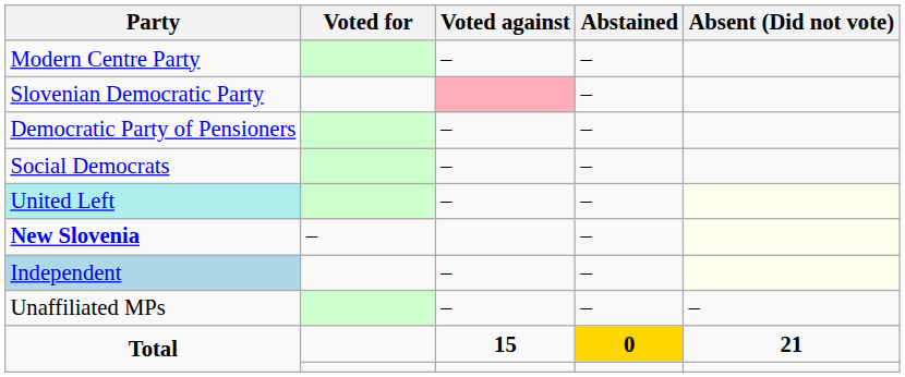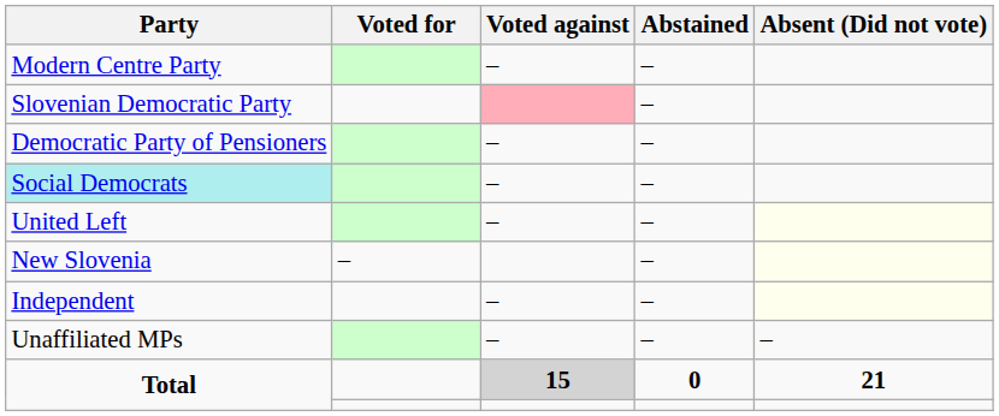 <table class="wikitable">
 <tr>
 <th>Party</th>
 <th style="width:15%;">Voted for</th>
 <th>Voted against</th>
 <th>Abstained</th>
 <th>Absent (Did not vote)</th>
 </tr>
 <tr>
 <td> <a href='#'>Modern Centre Party</a></td>
 <td style="background-color:#CCFFCC;"></td>
 <td>–</td>
 <td>–</td>
 <td></td>
 </tr>
 <tr>
 <td> <a href='#'>Slovenian Democratic Party</a></td>
 <td></td>
 <td style="background-color:#FFAEB9;"></td>
 <td>–</td>
 <td></td>
 </tr>
 <tr>
 <td> <a href='#'>Democratic Party of Pensioners</a></td>
 <td style="background-color:#CCFFCC;"></td>
 <td>–</td>
 <td>–</td>
 <td></td>
 </tr>
 <tr>
-<td> <a href='#'>Social Democrats</a></td>
+<td style="background: paleturquoise;"> <a href='#'>Social Democrats</a></td>
 <td style="background-color:#CCFFCC;"></td>
 <td>–</td>
 <td>–</td>
 <td></td>
 </tr>
 <tr>
-<td style="background: paleturquoise;"> <a href='#'>United Left</a></td>
+<td> <a href='#'>United Left</a></td>
 <td style="background-color:#CCFFCC;"></td>
 <td>–</td>
 <td>–</td>
 <td style="background-color:#FFE;"></td>
 </tr>
 <tr>
-<td><strong> <a href='#'>New Slovenia</a></strong></td>
+<td> <a href='#'>New Slovenia</a></td>
 <td>–</td>
 <td></td>
 <td>–</td>
 <td style="background-color:#FFE;"></td>
 </tr>
 <tr>
-<td style="background: lightblue;"> <a href='#'>Independent</a></td>
+<td> <a href='#'>Independent</a></td>
 <td></td>
 <td>–</td>
 <td>–</td>
 <td style="background-color:#FFE;"></td>
 </tr>
 <tr>
 <td> Unaffiliated MPs</td>
 <td style="background-color:#CCFFCC;"></td>
 <td>–</td>
 <td>–</td>
 <td>–</td>
 </tr>
 <tr>
 <td style="text-align:center;" rowspan="2"><strong>Total</strong></td>
 <td></td>
-<td style="text-align:center;"><strong>15</strong></td>
-<td style="background: gold; text-align:center;"><strong>0</strong></td>
+<td style="background: lightgrey; text-align:center;"><strong>15</strong></td>
+<td style="text-align:center;"><strong>0</strong></td>
 <td style="text-align:center;"><strong>21</strong></td>
 </tr>
 <tr>
 <td style="text-align:center;"></td>
 <td style="text-align:center;"></td>
 <td style="text-align:center;"></td>
 <td style="text-align:center;"></td>
 </tr>
 </table>
